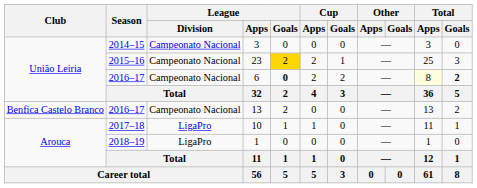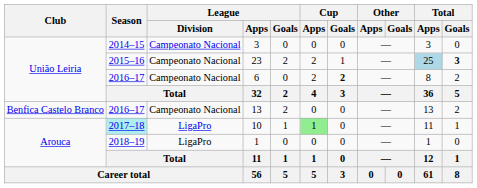 <table class="wikitable" style="text-align: center;">
 <tr>
 <th rowspan="2">Club</th>
 <th rowspan="2">Season</th>
 <th colspan="3">League</th>
 <th colspan="2">Cup</th>
 <th colspan="2">Other</th>
 <th colspan="2">Total</th>
 </tr>
 <tr>
 <th>Division</th>
 <th>Apps</th>
 <th>Goals</th>
 <th>Apps</th>
 <th>Goals</th>
 <th>Apps</th>
 <th>Goals</th>
 <th>Apps</th>
 <th>Goals</th>
 </tr>
 <tr>
 <td rowspan="4"><a href='#'>União Leiria</a></td>
 <td><a href='#'>2014–15</a></td>
 <td><a href='#'>Campeonato Nacional</a></td>
 <td>3</td>
 <td>0</td>
 <td>0</td>
 <td>0</td>
 <td colspan="2">—</td>
 <td>3</td>
 <td>0</td>
 </tr>
 <tr>
 <td><a href='#'>2015–16</a></td>
 <td>Campeonato Nacional</td>
 <td>23</td>
-<td style="background: gold;">2</td>
+<td>2</td>
 <td>2</td>
 <td>1</td>
 <td colspan="2">—</td>
-<td>25</td>
-<td>3</td>
+<td style="background: lightblue;">25</td>
+<td><strong>3</strong></td>
 </tr>
 <tr>
 <td><a href='#'>2016–17</a></td>
 <td>Campeonato Nacional</td>
 <td>6</td>
-<td><strong>0</strong></td>
+<td>0</td>
 <td>2</td>
+<td><strong>2</strong></td>
+<td colspan="2">—</td>
+<td>8</td>
 <td>2</td>
-<td colspan="2">—</td>
-<td style="background: lightyellow;">8</td>
-<td><strong>2</strong></td>
 </tr>
 <tr>
 <th colspan="2">Total</th>
 <th>32</th>
 <th>2</th>
 <th>4</th>
 <th>3</th>
 <th colspan="2">—</th>
 <th>36</th>
 <th>5</th>
 </tr>
 <tr>
 <td rowspan="1"><a href='#'>Benfica Castelo Branco</a></td>
 <td><a href='#'>2016–17</a></td>
 <td>Campeonato Nacional</td>
 <td>13</td>
 <td>2</td>
 <td>0</td>
 <td>0</td>
 <td colspan="2">—</td>
 <td>13</td>
 <td>2</td>
 </tr>
 <tr>
 <td rowspan="3"><a href='#'>Arouca</a></td>
-<td><a href='#'>2017–18</a></td>
+<td style="background: paleturquoise;"><a href='#'>2017–18</a></td>
 <td><a href='#'>LigaPro</a></td>
 <td>10</td>
 <td>1</td>
-<td>1</td>
+<td style="background: lightgreen;">1</td>
 <td>0</td>
 <td colspan="2">—</td>
 <td>11</td>
 <td>1</td>
 </tr>
 <tr>
 <td><a href='#'>2018–19</a></td>
 <td>LigaPro</td>
 <td>1</td>
 <td>0</td>
 <td>0</td>
 <td>0</td>
 <td colspan="2">—</td>
 <td>1</td>
 <td>0</td>
 </tr>
 <tr>
 <th colspan="2">Total</th>
 <th>11</th>
 <th>1</th>
 <th>1</th>
 <th>0</th>
 <th colspan="2">—</th>
 <th>12</th>
 <th>1</th>
 </tr>
 <tr>
 <th colspan="3">Career total</th>
 <th>56</th>
 <th>5</th>
 <th>5</th>
 <th>3</th>
 <th>0</th>
 <th>0</th>
 <th>61</th>
 <th>8</th>
 </tr>
 </table>
